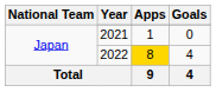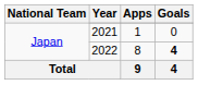 <table class="wikitable" style="text-align:center">
 <tr>
 <th>National Team</th>
 <th>Year</th>
 <th>Apps</th>
 <th>Goals</th>
 </tr>
 <tr>
 <td rowspan="3"><a href='#'>Japan</a></td>
 </tr>
 <tr>
 <td>2021</td>
 <td>1</td>
 <td>0</td>
 </tr>
 <tr>
 <td>2022</td>
-<td style="background: gold;">8</td>
-<td>4</td>
+<td>8</td>
+<td><strong>4</strong></td>
 </tr>
 <tr>
 <th colspan="2">Total</th>
 <th>9</th>
 <th>4</th>
 </tr>
 </table>
